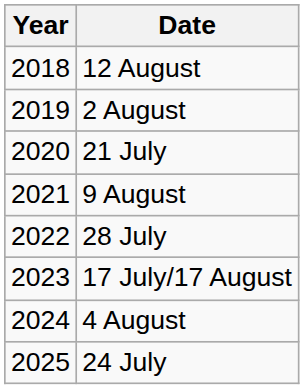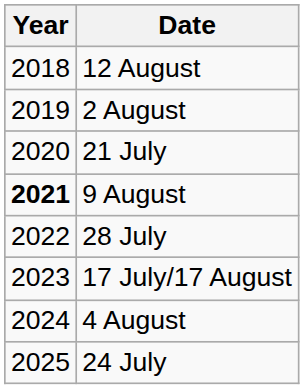 <table class="wikitable">
 <tr>
 <th>Year</th>
 <th>Date</th>
 </tr>
 <tr>
 <td>2018</td>
 <td>12 August</td>
 </tr>
 <tr>
 <td>2019</td>
 <td>2 August</td>
 </tr>
 <tr>
 <td>2020</td>
 <td>21 July</td>
 </tr>
 <tr>
-<td>2021</td>
+<td><strong>2021</strong></td>
 <td>9 August</td>
 </tr>
 <tr>
 <td>2022</td>
 <td>28 July</td>
 </tr>
 <tr>
 <td>2023</td>
 <td>17 July/17 August</td>
 </tr>
 <tr>
 <td>2024</td>
 <td>4 August</td>
 </tr>
 <tr>
 <td>2025</td>
 <td>24 July</td>
 </tr>
 </table>
